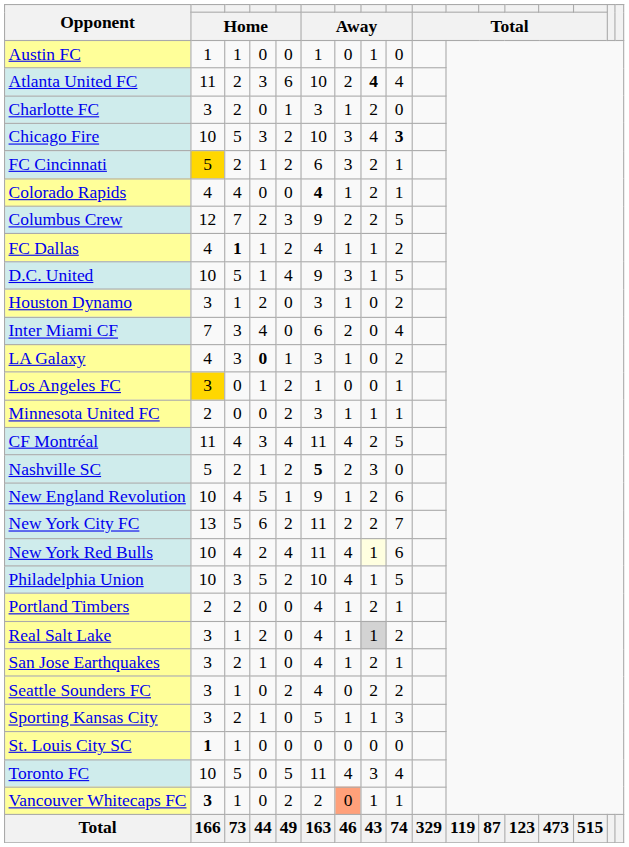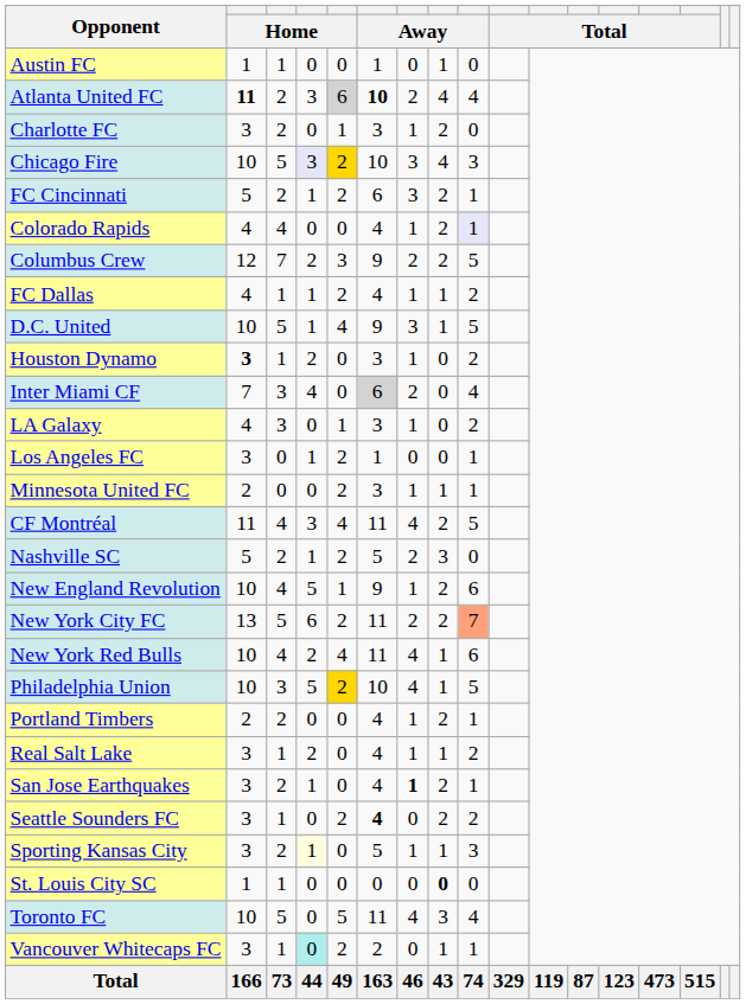 <table class="wikitable plainrowheaders sortable" style="text-align:center">
 <tr>
 <th rowspan="2" scope="col">Opponent</th>
 <th scope="col"></th>
 <th scope="col"></th>
 <th scope="col"></th>
 <th scope="col"></th>
 <th scope="col"></th>
 <th scope="col"></th>
 <th scope="col"></th>
 <th scope="col"></th>
 <th scope="col"></th>
 <th scope="col"></th>
 <th scope="col"></th>
 <th scope="col"></th>
 <th scope="col"></th>
 <th scope="col"></th>
 <th rowspan="2" scope="col"></th>
 <th rowspan="2"></th>
 </tr>
 <tr class="unsortable">
 <th colspan="4">Home</th>
 <th colspan="4">Away</th>
 <th colspan="6">Total</th>
 </tr>
 <tr>
 <td style="background:#FFFF99; text-align:left"> <a href='#'>Austin FC</a></td>
 <td>1</td>
 <td>1</td>
 <td>0</td>
 <td>0</td>
 <td>1</td>
 <td>0</td>
 <td>1</td>
 <td>0<br></td>
 <td></td>
 </tr>
 <tr>
 <td style="background:#CFECEC; text-align:left"> <a href='#'>Atlanta United FC</a></td>
-<td>11</td>
+<td><strong>11</strong></td>
 <td>2</td>
 <td>3</td>
-<td>6</td>
-<td>10</td>
+<td style="background: lightgrey;">6</td>
+<td><strong>10</strong></td>
 <td>2</td>
-<td><strong>4</strong></td>
+<td>4</td>
 <td>4<br></td>
 <td></td>
 </tr>
 <tr>
 <td style="background:#CFECEC; text-align:left"> <a href='#'>Charlotte FC</a></td>
 <td>3</td>
 <td>2</td>
 <td>0</td>
 <td>1</td>
 <td>3</td>
 <td>1</td>
 <td>2</td>
 <td>0<br></td>
 <td></td>
 </tr>
 <tr>
 <td style="background:#CFECEC; text-align:left"> <a href='#'>Chicago Fire</a></td>
 <td>10</td>
 <td>5</td>
-<td>3</td>
-<td>2</td>
+<td style="background: lavender;">3</td>
+<td style="background: gold;">2</td>
 <td>10</td>
 <td>3</td>
 <td>4</td>
-<td><strong>3<br></strong></td>
+<td>3<br></td>
 <td></td>
 </tr>
 <tr>
 <td style="background:#CFECEC; text-align:left"> <a href='#'>FC Cincinnati</a></td>
-<td style="background: gold;">5</td>
+<td>5</td>
 <td>2</td>
 <td>1</td>
 <td>2</td>
 <td>6</td>
 <td>3</td>
 <td>2</td>
 <td>1<br></td>
 <td></td>
 </tr>
 <tr>
 <td style="background:#FFFF99; text-align:left"> <a href='#'>Colorado Rapids</a></td>
 <td>4</td>
 <td>4</td>
 <td>0</td>
 <td>0</td>
-<td><strong>4</strong></td>
+<td>4</td>
 <td>1</td>
 <td>2</td>
-<td>1<br></td>
+<td style="background: lavender;">1<br></td>
 <td></td>
 </tr>
 <tr>
 <td style="background:#CFECEC; text-align:left"> <a href='#'>Columbus Crew</a></td>
 <td>12</td>
 <td>7</td>
 <td>2</td>
 <td>3</td>
 <td>9</td>
 <td>2</td>
 <td>2</td>
 <td>5<br></td>
 <td></td>
 </tr>
 <tr>
 <td style="background:#FFFF99; text-align:left"> <a href='#'>FC Dallas</a></td>
 <td>4</td>
-<td><strong>1</strong></td>
+<td>1</td>
 <td>1</td>
 <td>2</td>
 <td>4</td>
 <td>1</td>
 <td>1</td>
 <td>2<br></td>
 <td></td>
 </tr>
 <tr>
 <td style="background:#CFECEC; text-align:left"> <a href='#'>D.C. United</a></td>
 <td>10</td>
 <td>5</td>
 <td>1</td>
 <td>4</td>
 <td>9</td>
 <td>3</td>
 <td>1</td>
 <td>5<br></td>
 <td></td>
 </tr>
 <tr>
 <td style="background:#FFFF99; text-align:left"> <a href='#'>Houston Dynamo</a></td>
-<td>3</td>
+<td><strong>3</strong></td>
 <td>1</td>
 <td>2</td>
 <td>0</td>
 <td>3</td>
 <td>1</td>
 <td>0</td>
 <td>2<br></td>
 <td></td>
 </tr>
 <tr>
 <td style="background:#CFECEC; text-align:left"> <a href='#'>Inter Miami CF</a></td>
 <td>7</td>
 <td>3</td>
 <td>4</td>
 <td>0</td>
-<td>6</td>
+<td style="background: lightgrey;">6</td>
 <td>2</td>
 <td>0</td>
 <td>4<br></td>
 <td></td>
 </tr>
 <tr>
 <td style="background:#FFFF99; text-align:left"> <a href='#'>LA Galaxy</a></td>
 <td>4</td>
 <td>3</td>
-<td><strong>0</strong></td>
+<td>0</td>
 <td>1</td>
 <td>3</td>
 <td>1</td>
 <td>0</td>
 <td>2<br></td>
 <td></td>
 </tr>
 <tr>
 <td style="background:#FFFF99; text-align:left"> <a href='#'>Los Angeles FC</a></td>
-<td style="background: gold;">3</td>
+<td>3</td>
 <td>0</td>
 <td>1</td>
 <td>2</td>
 <td>1</td>
 <td>0</td>
 <td>0</td>
 <td>1<br></td>
 <td></td>
 </tr>
 <tr>
 <td style="background:#FFFF99; text-align:left"> <a href='#'>Minnesota United FC</a></td>
 <td>2</td>
 <td>0</td>
 <td>0</td>
 <td>2</td>
 <td>3</td>
 <td>1</td>
 <td>1</td>
 <td>1<br></td>
 <td></td>
 </tr>
 <tr>
 <td style="background:#CFECEC; text-align:left"> <a href='#'>CF Montréal</a></td>
 <td>11</td>
 <td>4</td>
 <td>3</td>
 <td>4</td>
 <td>11</td>
 <td>4</td>
 <td>2</td>
 <td>5<br></td>
 <td></td>
 </tr>
 <tr>
 <td style="background:#CFECEC; text-align:left"> <a href='#'>Nashville SC</a></td>
 <td>5</td>
 <td>2</td>
 <td>1</td>
 <td>2</td>
-<td><strong>5</strong></td>
+<td>5</td>
 <td>2</td>
 <td>3</td>
 <td>0<br></td>
 <td></td>
 </tr>
 <tr>
 <td style="background:#CFECEC; text-align:left"> <a href='#'>New England Revolution</a></td>
 <td>10</td>
 <td>4</td>
 <td>5</td>
 <td>1</td>
 <td>9</td>
 <td>1</td>
 <td>2</td>
 <td>6<br></td>
 <td></td>
 </tr>
 <tr>
 <td style="background:#CFECEC; text-align:left"> <a href='#'>New York City FC</a></td>
 <td>13</td>
 <td>5</td>
 <td>6</td>
 <td>2</td>
 <td>11</td>
 <td>2</td>
 <td>2</td>
-<td>7<br></td>
+<td style="background: lightsalmon;">7<br></td>
 <td></td>
 </tr>
 <tr>
 <td style="background:#CFECEC; text-align:left"> <a href='#'>New York Red Bulls</a></td>
 <td>10</td>
 <td>4</td>
 <td>2</td>
 <td>4</td>
 <td>11</td>
 <td>4</td>
-<td style="background: lightyellow;">1</td>
+<td>1</td>
 <td>6<br></td>
 <td></td>
 </tr>
 <tr>
 <td style="background:#CFECEC; text-align:left"> <a href='#'>Philadelphia Union</a></td>
 <td>10</td>
 <td>3</td>
 <td>5</td>
-<td>2</td>
+<td style="background: gold;">2</td>
 <td>10</td>
 <td>4</td>
 <td>1</td>
 <td>5<br></td>
 <td></td>
 </tr>
 <tr>
 <td style="background:#FFFF99; text-align:left"> <a href='#'>Portland Timbers</a></td>
 <td>2</td>
 <td>2</td>
 <td>0</td>
 <td>0</td>
 <td>4</td>
 <td>1</td>
 <td>2</td>
 <td>1<br></td>
 <td></td>
 </tr>
 <tr>
 <td style="background:#FFFF99; text-align:left"> <a href='#'>Real Salt Lake</a></td>
 <td>3</td>
 <td>1</td>
 <td>2</td>
 <td>0</td>
 <td>4</td>
 <td>1</td>
-<td style="background: lightgrey;">1</td>
+<td>1</td>
 <td>2<br></td>
 <td></td>
 </tr>
 <tr>
 <td style="background:#FFFF99; text-align:left"> <a href='#'>San Jose Earthquakes</a></td>
 <td>3</td>
 <td>2</td>
 <td>1</td>
 <td>0</td>
 <td>4</td>
-<td>1</td>
+<td><strong>1</strong></td>
 <td>2</td>
 <td>1<br></td>
 <td></td>
 </tr>
 <tr>
 <td style="background:#FFFF99; text-align:left"> <a href='#'>Seattle Sounders FC</a></td>
 <td>3</td>
 <td>1</td>
 <td>0</td>
 <td>2</td>
-<td>4</td>
+<td><strong>4</strong></td>
 <td>0</td>
 <td>2</td>
 <td>2<br></td>
 <td></td>
 </tr>
 <tr>
 <td style="background:#FFFF99; text-align:left"> <a href='#'>Sporting Kansas City</a></td>
 <td>3</td>
 <td>2</td>
-<td>1</td>
+<td style="background: lightyellow;">1</td>
 <td>0</td>
 <td>5</td>
 <td>1</td>
 <td>1</td>
 <td>3<br></td>
 <td></td>
 </tr>
 <tr>
 <td style="background:#FFFF99; text-align:left"> <a href='#'>St. Louis City SC</a></td>
-<td><strong>1</strong></td>
+<td>1</td>
 <td>1</td>
 <td>0</td>
 <td>0</td>
 <td>0</td>
 <td>0</td>
-<td>0</td>
+<td><strong>0</strong></td>
 <td>0<br></td>
 <td></td>
 </tr>
 <tr>
 <td style="background:#CFECEC; text-align:left"> <a href='#'>Toronto FC</a></td>
 <td>10</td>
 <td>5</td>
 <td>0</td>
 <td>5</td>
 <td>11</td>
 <td>4</td>
 <td>3</td>
 <td>4<br></td>
 <td></td>
 </tr>
 <tr>
 <td style="background:#FFFF99; text-align:left"> <a href='#'>Vancouver Whitecaps FC</a></td>
-<td><strong>3</strong></td>
+<td>3</td>
 <td>1</td>
-<td>0</td>
+<td style="background: paleturquoise;">0</td>
 <td>2</td>
 <td>2</td>
-<td style="background: lightsalmon;">0</td>
+<td>0</td>
 <td>1</td>
 <td>1<br></td>
 <td></td>
 </tr>
 <tr>
 <th>Total</th>
 <th>166</th>
 <th>73</th>
 <th>44</th>
 <th>49</th>
 <th>163</th>
 <th>46</th>
 <th>43</th>
 <th>74</th>
 <th>329</th>
 <th>119</th>
 <th>87</th>
 <th>123</th>
 <th>473</th>
 <th>515</th>
 <th><br></th>
 <th></th>
 </tr>
 </table>
